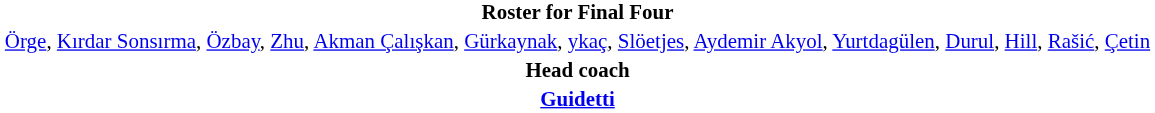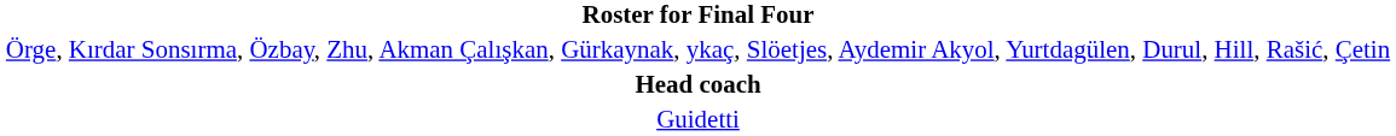 <table style="text-align: center; margin-top: 2em; margin-left: auto; margin-right: auto">
 <tr>
 <td><strong>Roster for Final Four</strong></td>
 </tr>
 <tr>
 <td><a href='#'>Örge</a>, <a href='#'>Kırdar Sonsırma</a>, <a href='#'>Özbay</a>, <a href='#'>Zhu</a>, <a href='#'>Akman Çalışkan</a>, <a href='#'>Gürkaynak</a>, <a href='#'>ykaç</a>, <a href='#'>Slöetjes</a>, <a href='#'>Aydemir Akyol</a>, <a href='#'>Yurtdagülen</a>, <a href='#'>Durul</a>, <a href='#'>Hill</a>, <a href='#'>Rašić</a>, <a href='#'>Çetin</a></td>
 </tr>
 <tr>
 <td><strong>Head coach</strong></td>
 </tr>
 <tr>
-<td><strong><a href='#'>Guidetti</a></strong></td>
+<td><a href='#'>Guidetti</a></td>
 </tr>
 </table>
